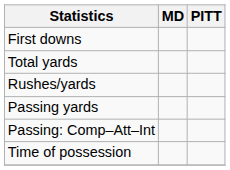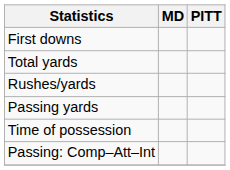 <table class="wikitable" style="float: left;">
 <tr>
 <th>Statistics</th>
 <th>MD</th>
 <th>PITT</th>
 </tr>
 <tr>
 <td>First downs</td>
 <td></td>
 <td></td>
 </tr>
 <tr>
 <td>Total yards</td>
 <td></td>
 <td></td>
 </tr>
 <tr>
 <td>Rushes/yards</td>
 <td></td>
 <td></td>
 </tr>
 <tr>
 <td>Passing yards</td>
 <td></td>
 <td></td>
 </tr>
 <tr>
-<td>Passing: Comp–Att–Int</td>
+<td>Time of possession</td>
 <td></td>
 <td></td>
 </tr>
 <tr>
-<td>Time of possession</td>
+<td>Passing: Comp–Att–Int</td>
 <td></td>
 <td></td>
 </tr>
 <tr>
 </tr>
 </table>
